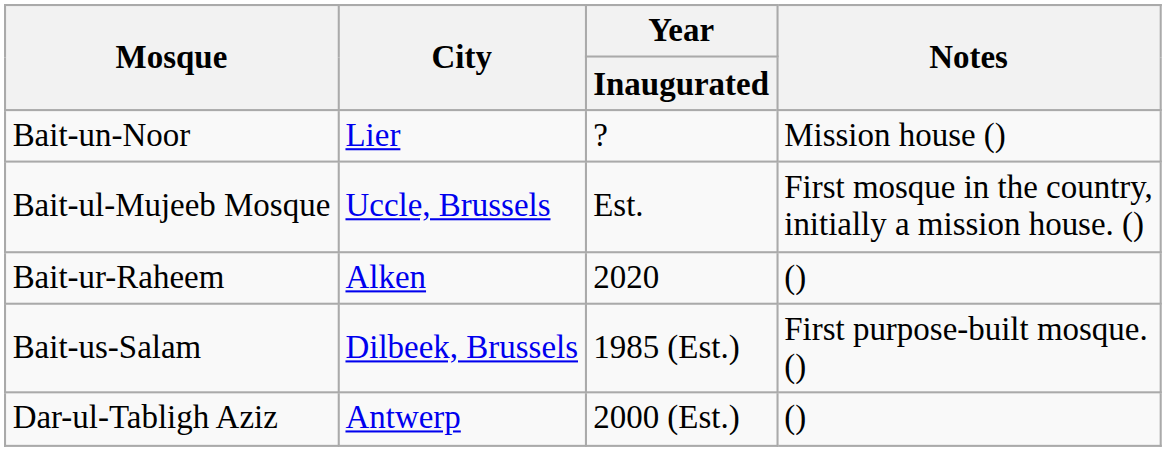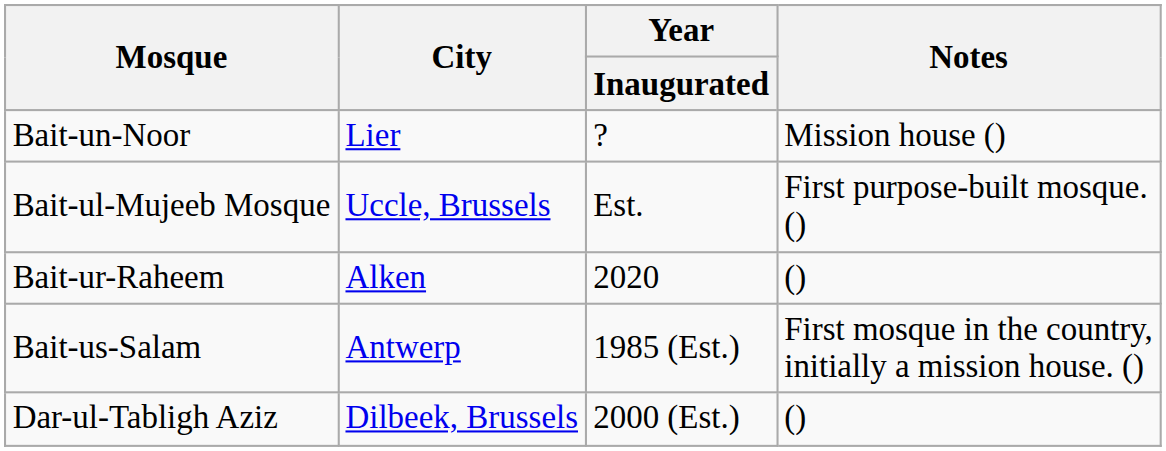 <table class="wikitable sortable mw-collapsible">
 <tr>
 <th rowspan="2">Mosque</th>
 <th rowspan="2">City</th>
 <th>Year</th>
 <th rowspan="2">Notes</th>
 </tr>
 <tr>
 <th>Inaugurated</th>
 </tr>
 <tr>
 <td>Bait-un-Noor</td>
 <td><a href='#'>Lier</a></td>
 <td>?</td>
 <td>Mission house ()</td>
 </tr>
 <tr>
 <td>Bait-ul-Mujeeb Mosque</td>
 <td><a href='#'>Uccle, Brussels</a></td>
 <td>Est.</td>
-<td>First mosque in the country,<br>initially a mission house. ()</td>
+<td>First purpose-built mosque.<br>()</td>
 </tr>
 <tr>
 <td>Bait-ur-Raheem</td>
 <td><a href='#'>Alken</a></td>
 <td>2020</td>
 <td>()</td>
 </tr>
 <tr>
 <td>Bait-us-Salam</td>
-<td><a href='#'>Dilbeek, Brussels</a></td>
+<td><a href='#'>Antwerp</a></td>
 <td>1985 (Est.)</td>
-<td>First purpose-built mosque.<br>()</td>
+<td>First mosque in the country,<br>initially a mission house. ()</td>
 </tr>
 <tr>
 <td>Dar-ul-Tabligh Aziz</td>
-<td><a href='#'>Antwerp</a></td>
+<td><a href='#'>Dilbeek, Brussels</a></td>
 <td>2000 (Est.)</td>
 <td>()</td>
 </tr>
 </table>
